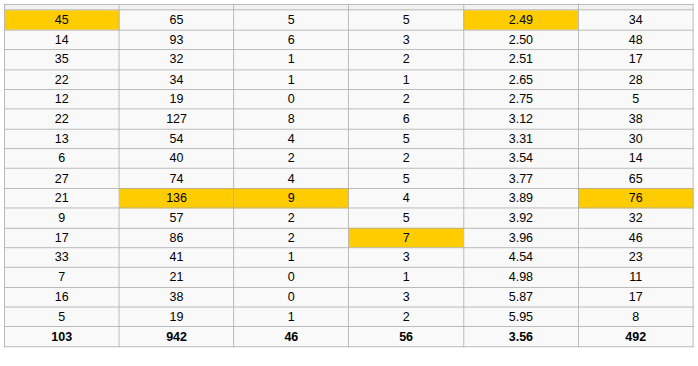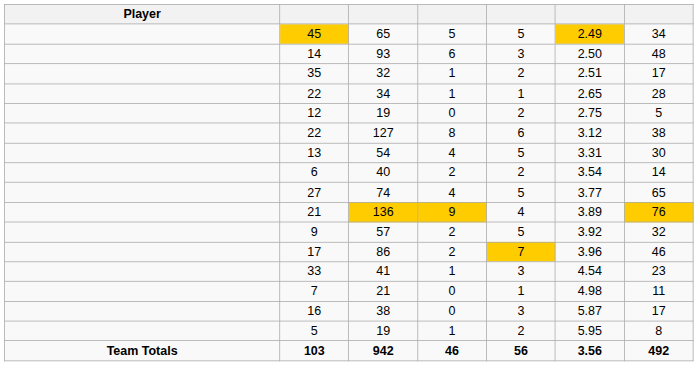 <table class="wikitable sortable" style="text-align:center;" width="100%">
 <tr>
+<th width="40%">Player</th>
 <th width="10%"></th>
 <th width="10%" data-sort-type="number"></th>
 <th width="10%"></th>
 <th width="10%"></th>
 <th width="10%"></th>
 <th width="10%"></th>
 </tr>
 <tr>
+<td></td>
 <td style="background:#fc0;">45</td>
 <td>65</td>
 <td>5</td>
 <td>5</td>
 <td style="background:#fc0;">2.49</td>
 <td>34</td>
 </tr>
 <tr>
+<td></td>
 <td>14</td>
 <td>93</td>
 <td>6</td>
 <td>3</td>
 <td>2.50</td>
 <td>48</td>
 </tr>
 <tr>
+<td></td>
 <td>35</td>
 <td>32</td>
 <td>1</td>
 <td>2</td>
 <td>2.51</td>
 <td>17</td>
 </tr>
 <tr>
+<td></td>
 <td>22</td>
 <td>34</td>
 <td>1</td>
 <td>1</td>
 <td>2.65</td>
 <td>28</td>
 </tr>
 <tr>
+<td></td>
 <td>12</td>
 <td>19</td>
 <td>0</td>
 <td>2</td>
 <td>2.75</td>
 <td>5</td>
 </tr>
 <tr>
+<td></td>
 <td>22</td>
 <td>127</td>
 <td>8</td>
 <td>6</td>
 <td>3.12</td>
 <td>38</td>
 </tr>
 <tr>
+<td></td>
 <td>13</td>
 <td>54</td>
 <td>4</td>
 <td>5</td>
 <td>3.31</td>
 <td>30</td>
 </tr>
 <tr>
+<td></td>
 <td>6</td>
 <td>40</td>
 <td>2</td>
 <td>2</td>
 <td>3.54</td>
 <td>14</td>
 </tr>
 <tr>
+<td></td>
 <td>27</td>
 <td>74</td>
 <td>4</td>
 <td>5</td>
 <td>3.77</td>
 <td>65</td>
 </tr>
 <tr>
+<td></td>
 <td>21</td>
 <td style="background:#fc0;">136</td>
 <td style="background:#fc0;">9</td>
 <td>4</td>
 <td>3.89</td>
 <td style="background:#fc0;">76</td>
 </tr>
 <tr>
+<td></td>
 <td>9</td>
 <td>57</td>
 <td>2</td>
 <td>5</td>
 <td>3.92</td>
 <td>32</td>
 </tr>
 <tr>
+<td></td>
 <td>17</td>
 <td>86</td>
 <td>2</td>
 <td style="background:#fc0;">7</td>
 <td>3.96</td>
 <td>46</td>
 </tr>
 <tr>
+<td></td>
 <td>33</td>
 <td>41</td>
 <td>1</td>
 <td>3</td>
 <td>4.54</td>
 <td>23</td>
 </tr>
 <tr>
+<td></td>
 <td>7</td>
 <td>21</td>
 <td>0</td>
 <td>1</td>
 <td>4.98</td>
 <td>11</td>
 </tr>
 <tr>
+<td></td>
 <td>16</td>
 <td>38</td>
 <td>0</td>
 <td>3</td>
 <td>5.87</td>
 <td>17</td>
 </tr>
 <tr>
+<td></td>
 <td>5</td>
 <td>19</td>
 <td>1</td>
 <td>2</td>
 <td>5.95</td>
 <td>8</td>
 </tr>
 <tr>
+<td><strong>Team Totals</strong></td>
 <td><strong>103</strong></td>
 <td><strong>942</strong></td>
 <td><strong>46</strong></td>
 <td><strong>56</strong></td>
 <td><strong>3.56</strong></td>
 <td><strong>492</strong></td>
 </tr>
 </table>
